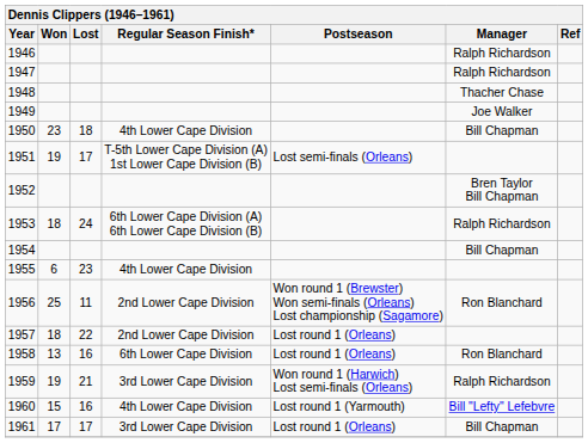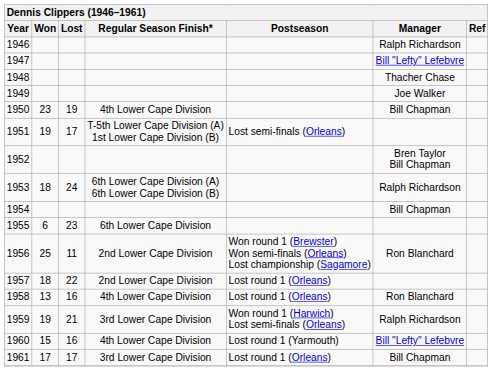 <table class="wikitable" style="text-align:center">
 <tr>
 <th style="text-align:left" colspan="7"><strong><span>Dennis Clippers (1946–1961)</span></strong></th>
 </tr>
 <tr>
 <th scope="col">Year</th>
 <th scope="col">Won</th>
 <th scope="col">Lost</th>
 <th scope="col">Regular Season Finish*</th>
 <th scope="col">Postseason</th>
 <th scope="col">Manager</th>
 <th scope="col">Ref</th>
 </tr>
 <tr>
 <td>1946</td>
 <td></td>
 <td></td>
 <td></td>
 <td></td>
 <td>Ralph Richardson</td>
 <td></td>
 </tr>
 <tr>
 <td>1947</td>
 <td></td>
 <td></td>
 <td></td>
 <td></td>
-<td>Ralph Richardson</td>
+<td><a href='#'>Bill "Lefty" Lefebvre</a></td>
 <td></td>
 </tr>
 <tr>
 <td>1948</td>
 <td></td>
 <td></td>
 <td></td>
 <td></td>
 <td>Thacher Chase</td>
 <td></td>
 </tr>
 <tr>
 <td>1949</td>
 <td></td>
 <td></td>
 <td></td>
 <td></td>
 <td>Joe Walker</td>
 <td></td>
 </tr>
 <tr>
 <td>1950</td>
 <td>23</td>
-<td>18</td>
+<td>19</td>
 <td>4th Lower Cape Division</td>
 <td></td>
 <td>Bill Chapman</td>
 <td></td>
 </tr>
 <tr>
 <td>1951</td>
 <td>19</td>
 <td>17</td>
 <td>T-5th Lower Cape Division (A)<br>1st Lower Cape Division (B)</td>
 <td style="text-align:left">Lost semi-finals (<a href='#'>Orleans</a>)</td>
 <td></td>
 <td></td>
 </tr>
 <tr>
 <td>1952</td>
 <td></td>
 <td></td>
 <td></td>
 <td></td>
 <td>Bren Taylor<br>Bill Chapman</td>
 <td></td>
 </tr>
 <tr>
 <td>1953</td>
 <td>18</td>
 <td>24</td>
 <td>6th Lower Cape Division (A)<br>6th Lower Cape Division (B)</td>
 <td></td>
 <td>Ralph Richardson</td>
 <td></td>
 </tr>
 <tr>
 <td>1954</td>
 <td></td>
 <td></td>
 <td></td>
 <td></td>
 <td>Bill Chapman</td>
 <td></td>
 </tr>
 <tr>
 <td>1955</td>
 <td>6</td>
 <td>23</td>
-<td>4th Lower Cape Division</td>
+<td>6th Lower Cape Division</td>
 <td></td>
 <td></td>
 <td></td>
 </tr>
 <tr>
 <td>1956</td>
 <td>25</td>
 <td>11</td>
 <td>2nd Lower Cape Division</td>
 <td style="text-align:left">Won round 1 (<a href='#'>Brewster</a>)<br>Won semi-finals (<a href='#'>Orleans</a>)<br>Lost championship (<a href='#'>Sagamore</a>)</td>
 <td>Ron Blanchard</td>
 <td><br></td>
 </tr>
 <tr>
 <td>1957</td>
 <td>18</td>
 <td>22</td>
 <td>2nd Lower Cape Division</td>
 <td style="text-align:left">Lost round 1 (<a href='#'>Orleans</a>)</td>
 <td></td>
 <td></td>
 </tr>
 <tr>
 <td>1958</td>
 <td>13</td>
 <td>16</td>
-<td>6th Lower Cape Division</td>
+<td>4th Lower Cape Division</td>
 <td style="text-align:left">Lost round 1 (<a href='#'>Orleans</a>)</td>
 <td>Ron Blanchard</td>
 <td></td>
 </tr>
 <tr>
 <td>1959</td>
 <td>19</td>
 <td>21</td>
 <td>3rd Lower Cape Division</td>
 <td style="text-align:left">Won round 1 (<a href='#'>Harwich</a>)<br>Lost semi-finals (<a href='#'>Orleans</a>)</td>
 <td>Ralph Richardson</td>
 <td></td>
 </tr>
 <tr>
 <td>1960</td>
 <td>15</td>
 <td>16</td>
 <td>4th Lower Cape Division</td>
 <td style="text-align:left">Lost round 1 (Yarmouth)</td>
 <td><a href='#'>Bill "Lefty" Lefebvre</a></td>
 <td></td>
 </tr>
 <tr>
 <td>1961</td>
 <td>17</td>
 <td>17</td>
 <td>3rd Lower Cape Division</td>
 <td style="text-align:left">Lost round 1 (<a href='#'>Orleans</a>)</td>
 <td>Bill Chapman</td>
 <td></td>
 </tr>
 <tr>
 </tr>
 </table>
